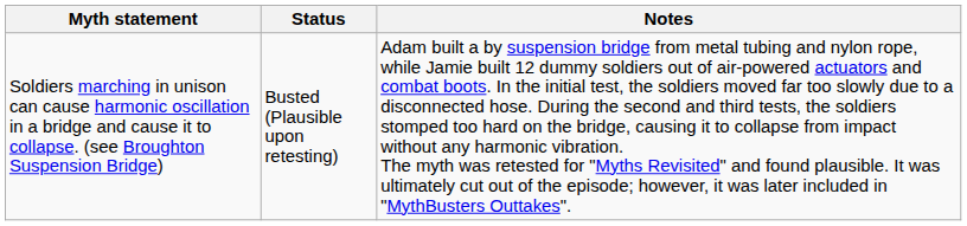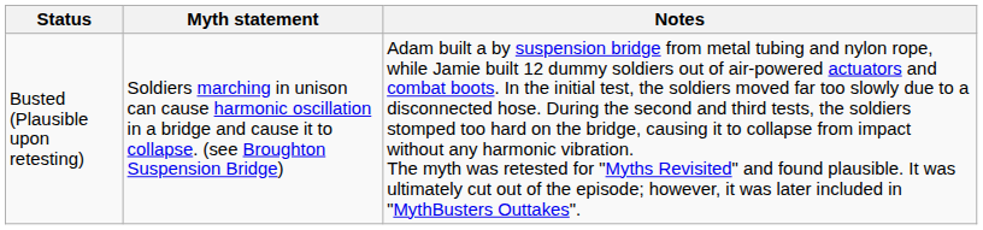 <table class="wikitable plainrowheaders">
 <tr>
+<th>Status</th>
 <th>Myth statement</th>
-<th>Status</th>
 <th>Notes</th>
 </tr>
 <tr>
+<td><span>Busted</span> (<span>Plausible</span> upon retesting)</td>
 <td>Soldiers <a href='#'>marching</a> in unison can cause <a href='#'>harmonic oscillation</a> in a bridge and cause it to <a href='#'>collapse</a>. (see <a href='#'>Broughton Suspension Bridge</a>)</td>
-<td><span>Busted</span> (<span>Plausible</span> upon retesting)</td>
 <td>Adam built a  by  <a href='#'>suspension bridge</a> from metal tubing and nylon rope, while Jamie built 12 dummy soldiers out of air-powered <a href='#'>actuators</a> and <a href='#'>combat boots</a>. In the initial test, the soldiers moved far too slowly due to a disconnected hose. During the second and third tests, the soldiers stomped too hard on the bridge, causing it to collapse from impact without any harmonic vibration.<br>The myth was retested for "<a href='#'>Myths Revisited</a>" and found plausible. It was ultimately cut out of the episode; however, it was later included in "<a href='#'>MythBusters Outtakes</a>".</td>
 </tr>
 </table>
